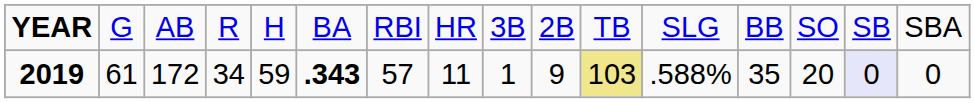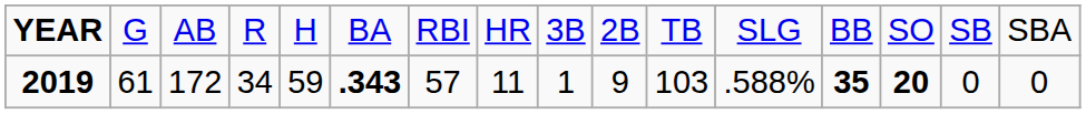 <table class="wikitable">
 <tr align=center>
 <td><strong>YEAR</strong></td>
 <td><a href='#'>G</a></td>
 <td><a href='#'>AB</a></td>
 <td><a href='#'>R</a></td>
 <td><a href='#'>H</a></td>
 <td><a href='#'>BA</a></td>
 <td><a href='#'>RBI</a></td>
 <td><a href='#'>HR</a></td>
 <td><a href='#'>3B</a></td>
 <td><a href='#'>2B</a></td>
 <td><a href='#'>TB</a></td>
 <td><a href='#'>SLG</a></td>
 <td><a href='#'>BB</a></td>
 <td><a href='#'>SO</a></td>
 <td><a href='#'>SB</a></td>
 <td>SBA</td>
 </tr>
 <tr align=center>
 <td><strong>2019</strong></td>
 <td>61</td>
 <td>172</td>
 <td>34</td>
 <td>59</td>
 <td><strong>.343</strong></td>
 <td>57</td>
 <td>11</td>
 <td>1</td>
 <td>9</td>
-<td style="background: khaki;">103</td>
+<td>103</td>
 <td>.588%</td>
-<td>35</td>
-<td>20</td>
-<td style="background: lavender;">0</td>
+<td><strong>35</strong></td>
+<td><strong>20</strong></td>
+<td>0</td>
 <td>0</td>
 </tr>
 </table>
